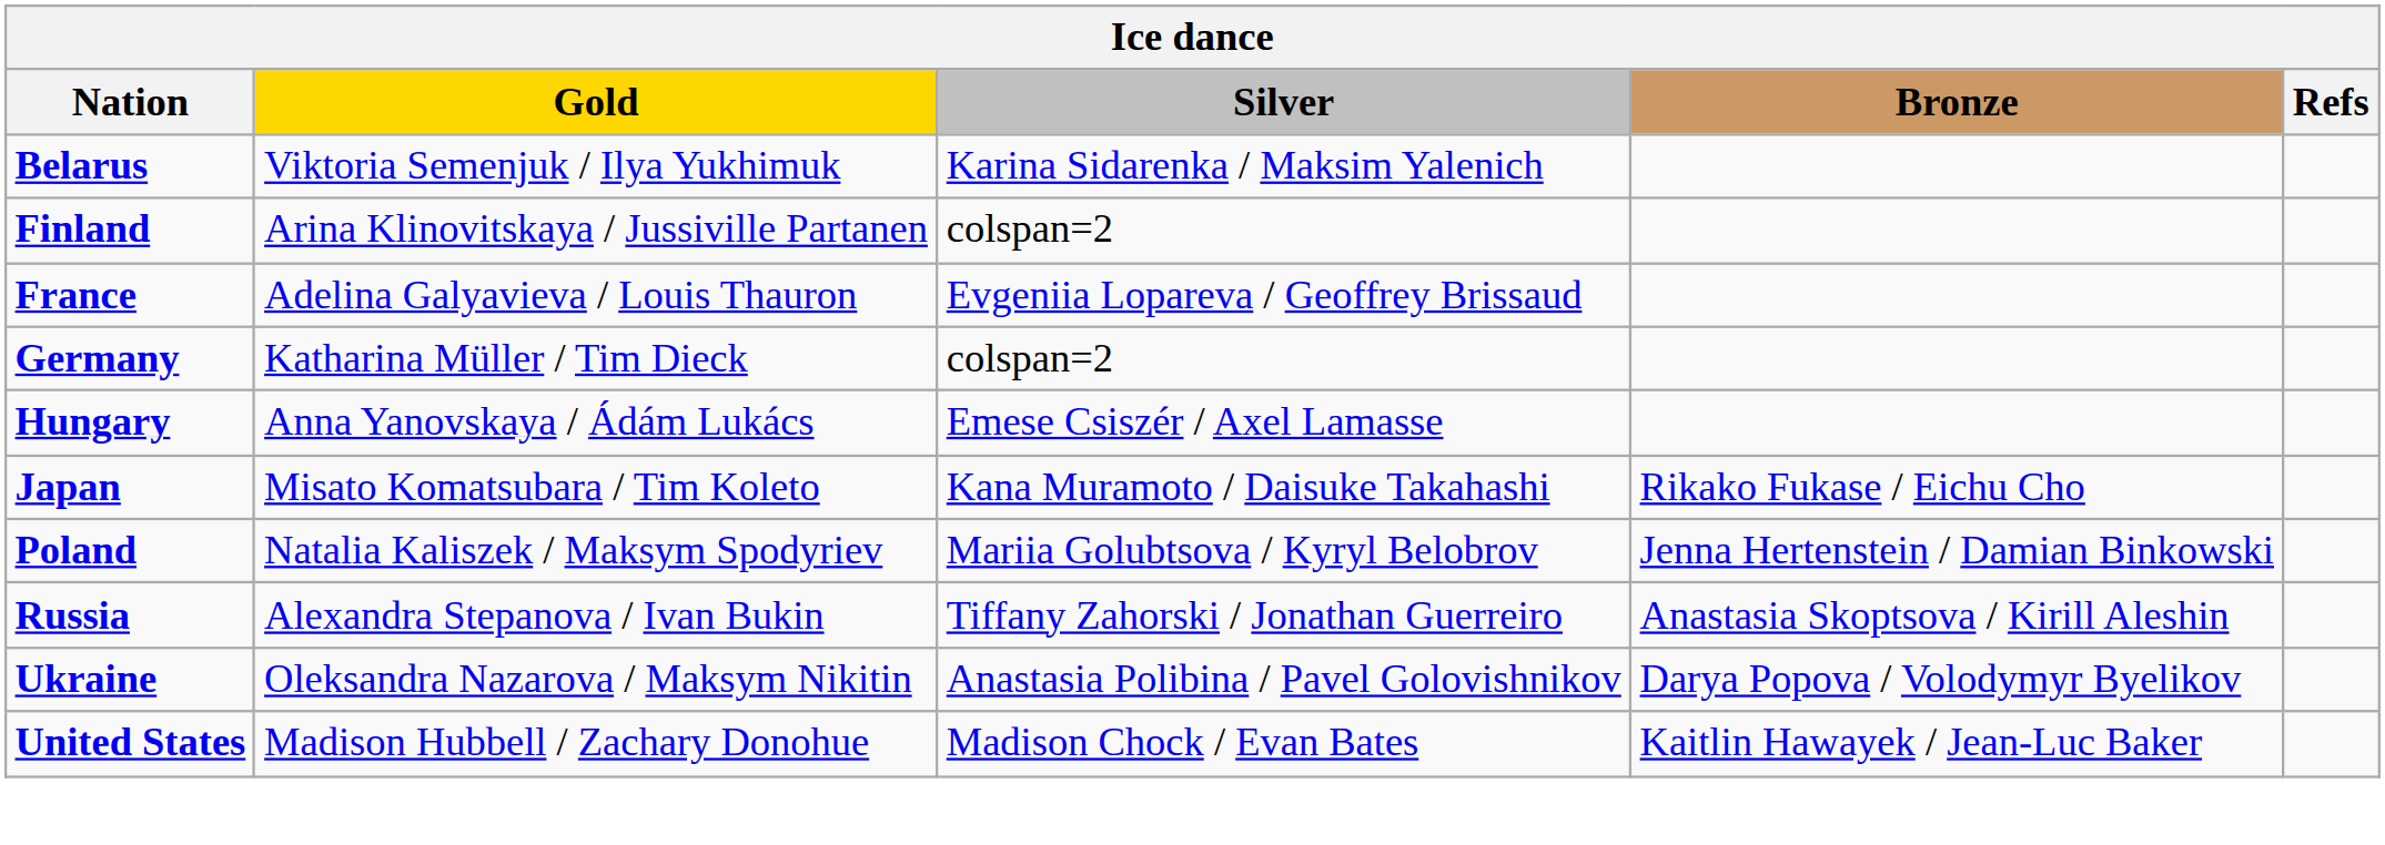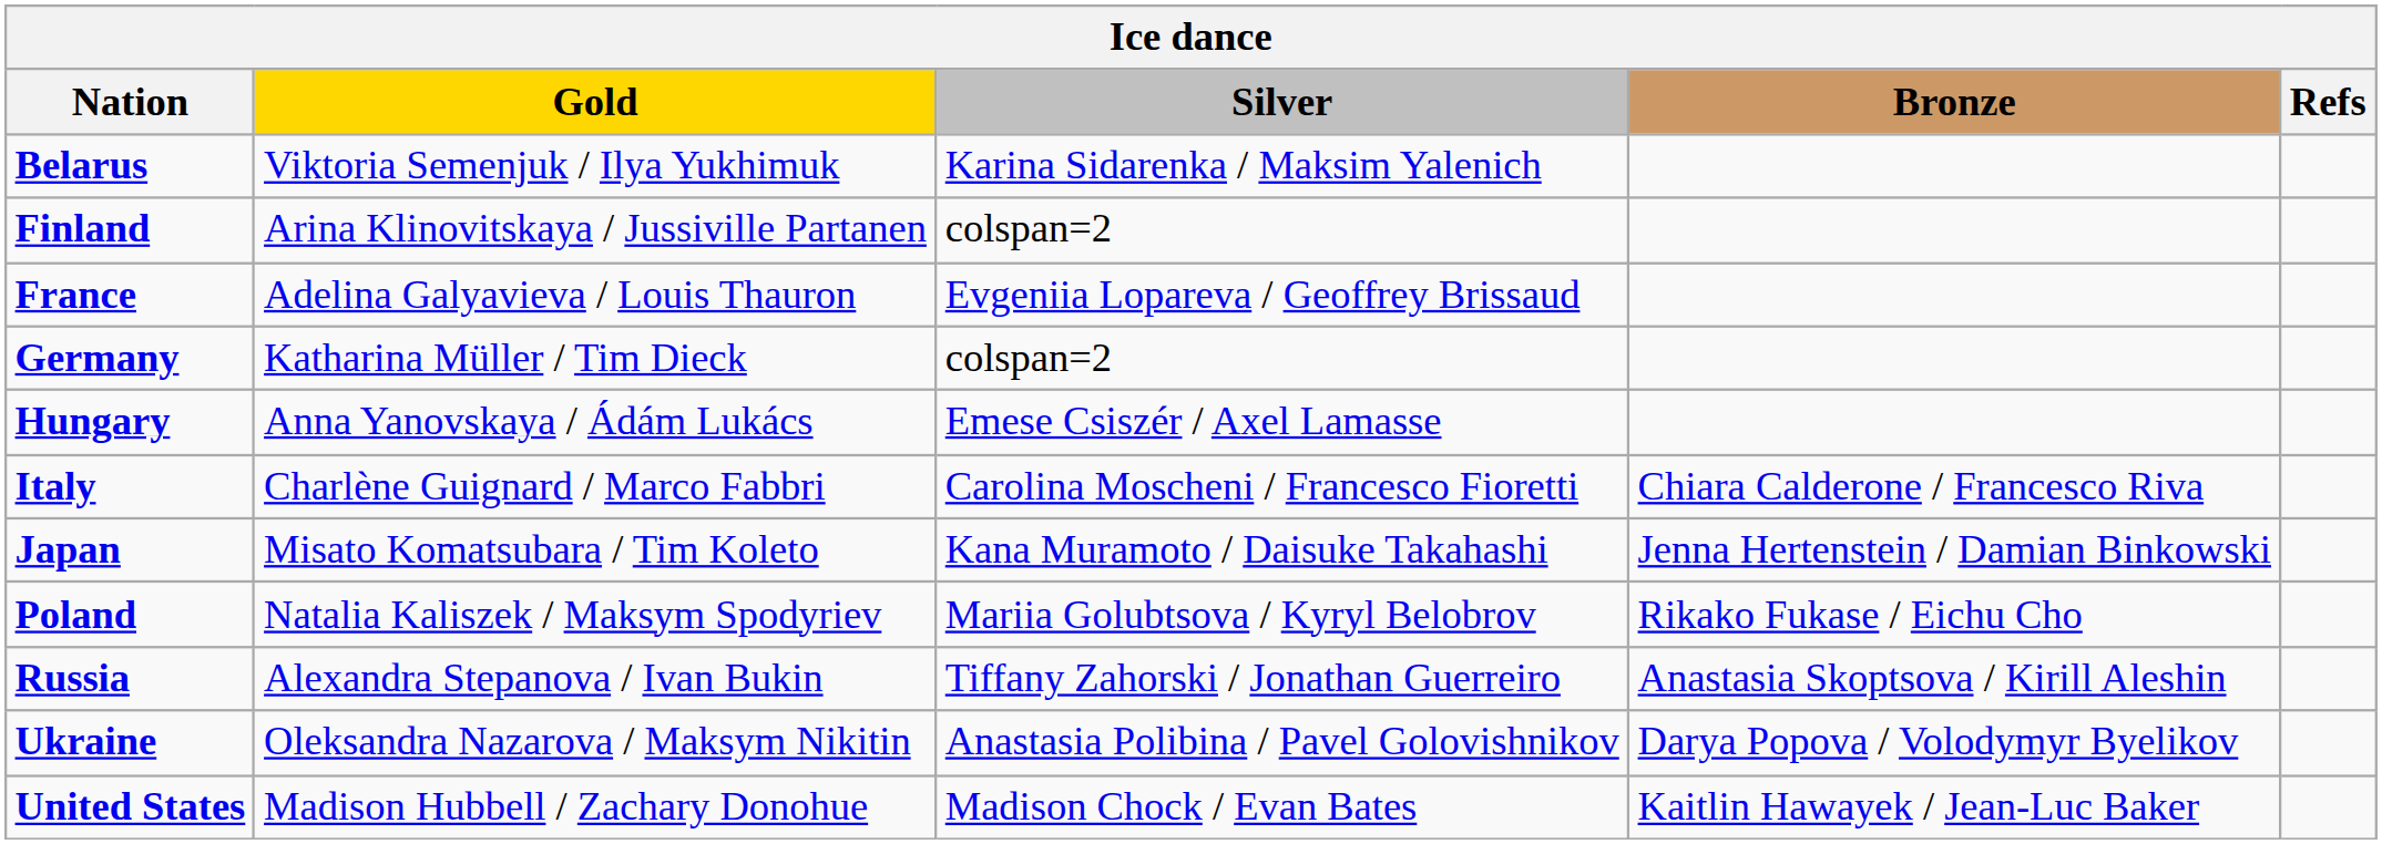 <table class="wikitable">
 <tr>
 <th colspan=5>Ice dance</th>
 </tr>
 <tr>
 <th>Nation</th>
 <td style="text-align:center; background:gold;"><strong>Gold</strong></td>
 <td style="text-align:center; background:silver;"><strong>Silver</strong></td>
 <td style="text-align:center; background:#c96;"><strong>Bronze</strong></td>
 <th>Refs</th>
 </tr>
 <tr>
 <td><strong> <a href='#'>Belarus</a></strong></td>
 <td><a href='#'>Viktoria Semenjuk</a> / <a href='#'>Ilya Yukhimuk</a></td>
 <td><a href='#'>Karina Sidarenka</a> / <a href='#'>Maksim Yalenich</a></td>
 <td></td>
 <td></td>
 </tr>
 <tr>
 <td><strong> <a href='#'>Finland</a></strong></td>
 <td><a href='#'>Arina Klinovitskaya</a> / <a href='#'>Jussiville Partanen</a></td>
 <td>colspan=2 </td>
 <td></td>
 </tr>
 <tr>
 <td><strong> <a href='#'>France</a></strong></td>
 <td><a href='#'>Adelina Galyavieva</a> / <a href='#'>Louis Thauron</a></td>
 <td><a href='#'>Evgeniia Lopareva</a> / <a href='#'>Geoffrey Brissaud</a></td>
 <td></td>
 <td></td>
 </tr>
 <tr>
 <td><strong> <a href='#'>Germany</a></strong></td>
 <td><a href='#'>Katharina Müller</a> / <a href='#'>Tim Dieck</a></td>
 <td>colspan=2 </td>
 <td></td>
 </tr>
 <tr>
 <td><strong> <a href='#'>Hungary</a></strong></td>
 <td><a href='#'>Anna Yanovskaya</a> / <a href='#'>Ádám Lukács</a></td>
 <td><a href='#'>Emese Csiszér</a> / <a href='#'>Axel Lamasse</a></td>
 <td></td>
 <td></td>
 </tr>
 <tr>
+<td><strong> <a href='#'>Italy</a></strong></td>
+<td><a href='#'>Charlène Guignard</a> / <a href='#'>Marco Fabbri</a></td>
+<td><a href='#'>Carolina Moscheni</a> / <a href='#'>Francesco Fioretti</a></td>
+<td><a href='#'>Chiara Calderone</a> / <a href='#'>Francesco Riva</a></td>
+<td></td>
+</tr>
+<tr>
 <td><strong> <a href='#'>Japan</a></strong></td>
 <td><a href='#'>Misato Komatsubara</a> / <a href='#'>Tim Koleto</a></td>
 <td><a href='#'>Kana Muramoto</a> / <a href='#'>Daisuke Takahashi</a></td>
-<td><a href='#'>Rikako Fukase</a> / <a href='#'>Eichu Cho</a></td>
+<td><a href='#'>Jenna Hertenstein</a> / <a href='#'>Damian Binkowski</a></td>
 <td></td>
 </tr>
 <tr>
 <td><strong> <a href='#'>Poland</a></strong></td>
 <td><a href='#'>Natalia Kaliszek</a> / <a href='#'>Maksym Spodyriev</a></td>
 <td><a href='#'>Mariia Golubtsova</a> / <a href='#'>Kyryl Belobrov</a></td>
-<td><a href='#'>Jenna Hertenstein</a> / <a href='#'>Damian Binkowski</a></td>
+<td><a href='#'>Rikako Fukase</a> / <a href='#'>Eichu Cho</a></td>
 <td></td>
 </tr>
 <tr>
 <td><strong> <a href='#'>Russia</a></strong></td>
 <td><a href='#'>Alexandra Stepanova</a> / <a href='#'>Ivan Bukin</a></td>
 <td><a href='#'>Tiffany Zahorski</a> / <a href='#'>Jonathan Guerreiro</a></td>
 <td><a href='#'>Anastasia Skoptsova</a> / <a href='#'>Kirill Aleshin</a></td>
 <td></td>
 </tr>
 <tr>
 <td><strong> <a href='#'>Ukraine</a></strong></td>
 <td><a href='#'>Oleksandra Nazarova</a> / <a href='#'>Maksym Nikitin</a></td>
 <td><a href='#'>Anastasia Polibina</a> / <a href='#'>Pavel Golovishnikov</a></td>
 <td><a href='#'>Darya Popova</a> / <a href='#'>Volodymyr Byelikov</a></td>
 <td></td>
 </tr>
 <tr>
 <td><strong> <a href='#'>United States</a></strong></td>
 <td><a href='#'>Madison Hubbell</a> / <a href='#'>Zachary Donohue</a></td>
 <td><a href='#'>Madison Chock</a> / <a href='#'>Evan Bates</a></td>
 <td><a href='#'>Kaitlin Hawayek</a> / <a href='#'>Jean-Luc Baker</a></td>
 <td></td>
 </tr>
 </table>
